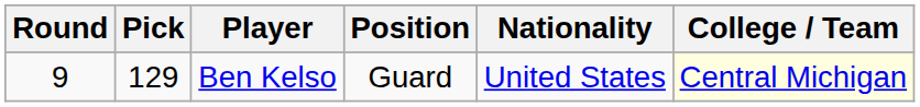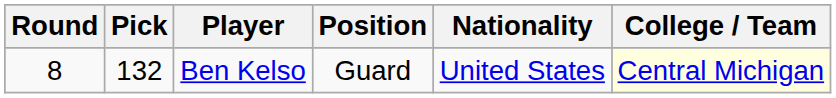 <table class="wikitable sortable sortable">
 <tr>
 <th>Round</th>
 <th>Pick</th>
 <th>Player</th>
 <th>Position</th>
 <th>Nationality</th>
 <th>College / Team</th>
 </tr>
 <tr style="text-align: center">
-<td>9</td>
-<td>129</td>
+<td>8</td>
+<td>132</td>
 <td><a href='#'>Ben Kelso</a></td>
 <td>Guard</td>
 <td> <a href='#'>United States</a></td>
 <td style="background: lightyellow;"><a href='#'>Central Michigan</a></td>
 </tr>
 </table>
